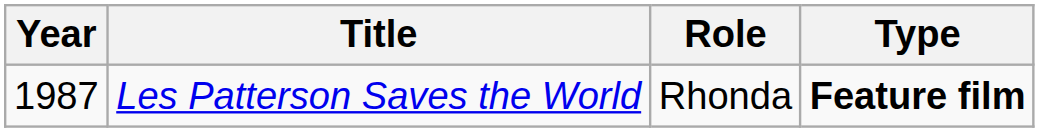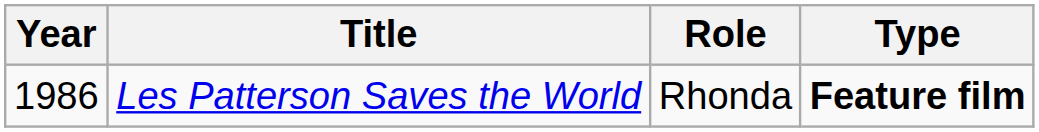 <table class="wikitable">
 <tr>
 <th>Year</th>
 <th>Title</th>
 <th>Role</th>
 <th>Type</th>
 </tr>
 <tr>
-<td>1987</td>
+<td>1986</td>
 <td><em><a href='#'>Les Patterson Saves the World</a></em></td>
 <td>Rhonda</td>
 <td><strong>Feature film</strong></td>
 </tr>
 </table>
